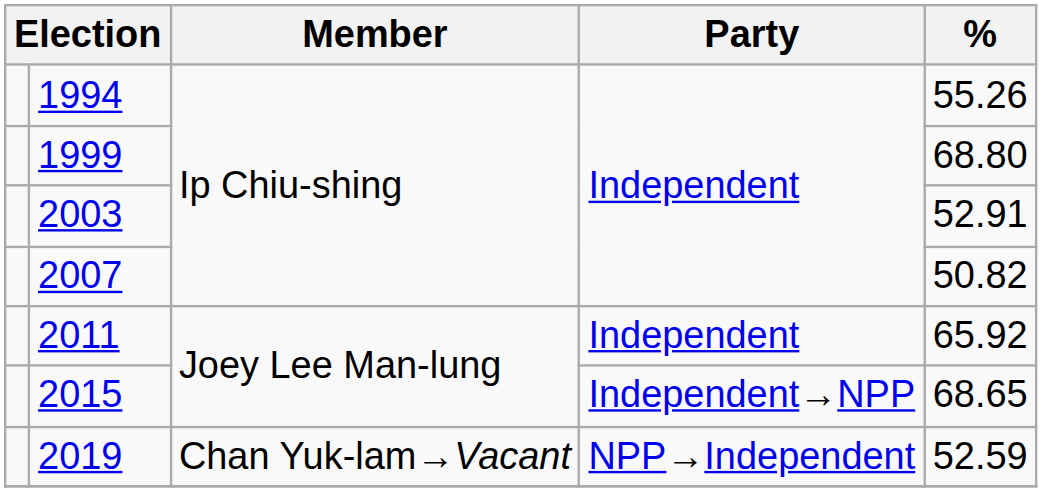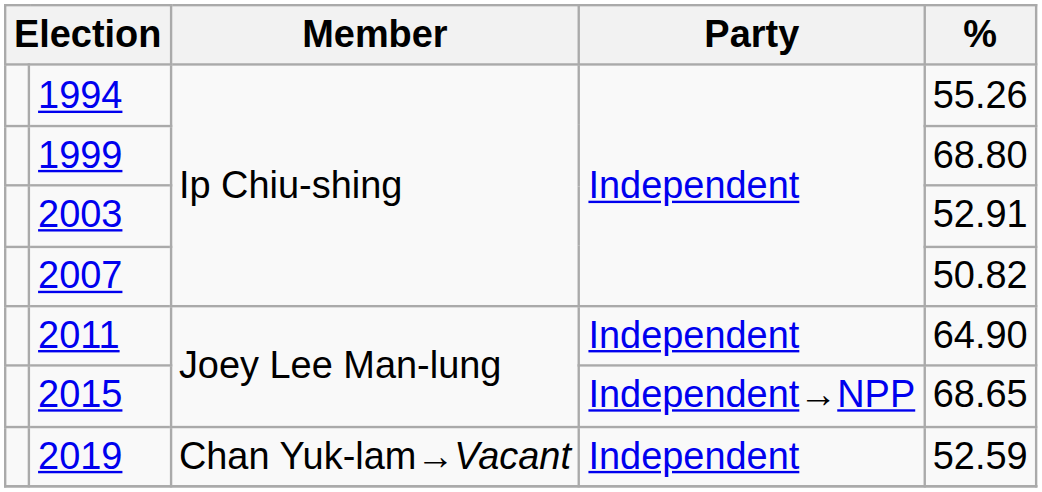 <table class="wikitable">
 <tr>
 <th colspan="2">Election</th>
 <th>Member</th>
 <th>Party</th>
 <th>%</th>
 </tr>
 <tr>
 <td style="background-color: "></td>
 <td><a href='#'>1994</a></td>
 <td rowspan=4>Ip Chiu-shing</td>
 <td rowspan=4><a href='#'>Independent</a></td>
 <td>55.26</td>
 </tr>
 <tr>
 <td style="background-color: "></td>
 <td><a href='#'>1999</a></td>
 <td>68.80</td>
 </tr>
 <tr>
 <td style="background-color: "></td>
 <td><a href='#'>2003</a></td>
 <td>52.91</td>
 </tr>
 <tr>
 <td style="background-color: "></td>
 <td><a href='#'>2007</a></td>
 <td>50.82</td>
 </tr>
 <tr>
 <td style="background-color: "></td>
 <td><a href='#'>2011</a></td>
 <td rowspan=2>Joey Lee Man-lung</td>
 <td><a href='#'>Independent</a></td>
-<td>65.92</td>
+<td>64.90</td>
 </tr>
 <tr>
 <td style="background-color: "></td>
 <td><a href='#'>2015</a></td>
 <td><a href='#'>Independent</a>→<a href='#'>NPP</a></td>
 <td>68.65</td>
 </tr>
 <tr>
 <td style="background-color: "></td>
 <td><a href='#'>2019</a></td>
 <td>Chan Yuk-lam→<em>Vacant</em></td>
-<td><a href='#'>NPP</a>→<a href='#'>Independent</a></td>
+<td><a href='#'>Independent</a></td>
 <td>52.59</td>
 </tr>
 <tr>
 </tr>
 </table>
